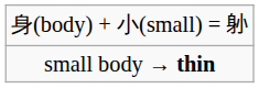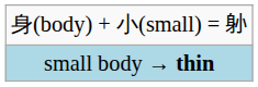 <table class="wikitable" style="margin: 0 auto">
 <tr ---->
 <td valign="middle" align="center"><span>身</span>(body) + <span>小</span>(small) = <span>𨈓</span></td>
 </tr>
 <tr ---->
-<td valign="middle" align="center"><span>small body → </span><span><strong>thin</strong><br></span></td>
+<td valign="middle" align="center" style="background: lightblue;"><span>small body → </span><span><strong>thin</strong><br></span></td>
 </tr>
 </table>
